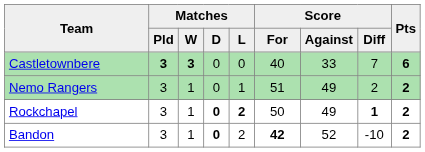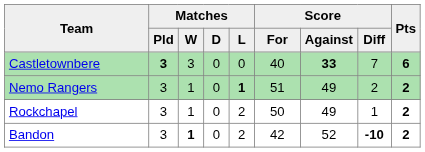 <table style=border-collapse:collapse border=1 cellspacing=0 cellpadding=5>
 <tr align=center bgcolor=#efefef>
 <th rowspan=2 width=165>Team</th>
 <th colspan=4>Matches</th>
 <th colspan=3>Score</th>
 <th rowspan=2width=20>Pts</th>
 </tr>
 <tr align=center bgcolor=#efefef>
 <th width=20>Pld</th>
 <th width=20>W</th>
 <th width=20>D</th>
 <th width=20>L</th>
 <th width=45>For</th>
 <th width=45>Against</th>
 <th width=30>Diff</th>
 </tr>
 <tr align=center style="background:#ACE1AF;">
 <td style="text-align:left;"><a href='#'>Castletownbere</a></td>
 <td><strong>3</strong></td>
-<td><strong>3</strong></td>
+<td>3</td>
 <td>0</td>
 <td>0</td>
 <td>40</td>
-<td>33</td>
+<td><strong>33</strong></td>
 <td>7</td>
 <td><strong>6</strong></td>
 </tr>
 <tr align=center style="background:#ACE1AF;">
 <td style="text-align:left;"><a href='#'>Nemo Rangers</a></td>
 <td>3</td>
 <td>1</td>
 <td>0</td>
-<td>1</td>
+<td><strong>1</strong></td>
 <td>51</td>
 <td>49</td>
 <td>2</td>
 <td><strong>2</strong></td>
 </tr>
 <tr align=center>
 <td style="text-align:left;"><a href='#'>Rockchapel</a></td>
 <td>3</td>
 <td>1</td>
-<td><strong>0</strong></td>
-<td><strong>2</strong></td>
+<td>0</td>
+<td>2</td>
 <td>50</td>
 <td>49</td>
-<td><strong>1</strong></td>
+<td>1</td>
 <td><strong>2</strong></td>
 </tr>
 <tr align=center>
 <td style="text-align:left;"><a href='#'>Bandon</a></td>
 <td>3</td>
-<td>1</td>
-<td><strong>0</strong></td>
+<td><strong>1</strong></td>
+<td>0</td>
 <td>2</td>
-<td><strong>42</strong></td>
+<td>42</td>
 <td>52</td>
-<td>-10</td>
+<td><strong>-10</strong></td>
 <td><strong>2</strong></td>
 </tr>
 </table>
